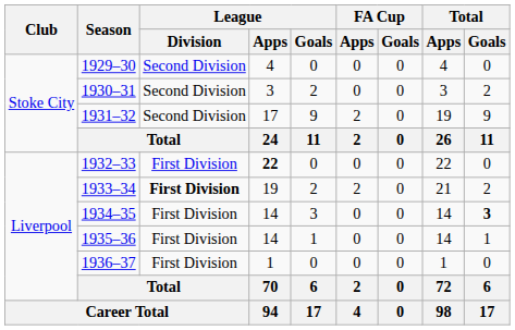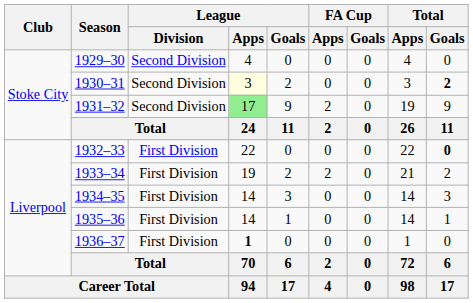 <table class="wikitable" style="text-align: center;">
 <tr>
 <th rowspan="2">Club</th>
 <th rowspan="2">Season</th>
 <th colspan="3">League</th>
 <th colspan="2">FA Cup</th>
 <th colspan="2">Total</th>
 </tr>
 <tr>
 <th>Division</th>
 <th>Apps</th>
 <th>Goals</th>
 <th>Apps</th>
 <th>Goals</th>
 <th>Apps</th>
 <th>Goals</th>
 </tr>
 <tr>
 <td rowspan="4"><a href='#'>Stoke City</a></td>
 <td><a href='#'>1929–30</a></td>
 <td><a href='#'>Second Division</a></td>
 <td>4</td>
 <td>0</td>
 <td>0</td>
 <td>0</td>
 <td>4</td>
 <td>0</td>
 </tr>
 <tr>
 <td><a href='#'>1930–31</a></td>
 <td>Second Division</td>
-<td>3</td>
+<td style="background: lightyellow;">3</td>
 <td>2</td>
 <td>0</td>
 <td>0</td>
 <td>3</td>
-<td>2</td>
+<td><strong>2</strong></td>
 </tr>
 <tr>
 <td><a href='#'>1931–32</a></td>
 <td>Second Division</td>
-<td>17</td>
+<td style="background: lightgreen;">17</td>
 <td>9</td>
 <td>2</td>
 <td>0</td>
 <td>19</td>
 <td>9</td>
 </tr>
 <tr>
 <th colspan=2>Total</th>
 <th>24</th>
 <th>11</th>
 <th>2</th>
 <th>0</th>
 <th>26</th>
 <th>11</th>
 </tr>
 <tr>
 <td rowspan="6"><a href='#'>Liverpool</a></td>
 <td><a href='#'>1932–33</a></td>
 <td><a href='#'>First Division</a></td>
-<td><strong>22</strong></td>
+<td>22</td>
 <td>0</td>
 <td>0</td>
 <td>0</td>
 <td>22</td>
-<td>0</td>
+<td><strong>0</strong></td>
 </tr>
 <tr>
 <td><a href='#'>1933–34</a></td>
-<td><strong>First Division</strong></td>
+<td>First Division</td>
 <td>19</td>
 <td>2</td>
 <td>2</td>
 <td>0</td>
 <td>21</td>
 <td>2</td>
 </tr>
 <tr>
 <td><a href='#'>1934–35</a></td>
 <td>First Division</td>
 <td>14</td>
 <td>3</td>
 <td>0</td>
 <td>0</td>
 <td>14</td>
-<td><strong>3</strong></td>
+<td>3</td>
 </tr>
 <tr>
 <td><a href='#'>1935–36</a></td>
 <td>First Division</td>
 <td>14</td>
 <td>1</td>
 <td>0</td>
 <td>0</td>
 <td>14</td>
 <td>1</td>
 </tr>
 <tr>
 <td><a href='#'>1936–37</a></td>
 <td>First Division</td>
-<td>1</td>
+<td><strong>1</strong></td>
 <td>0</td>
 <td>0</td>
 <td>0</td>
 <td>1</td>
 <td>0</td>
 </tr>
 <tr>
 <th colspan=2>Total</th>
 <th>70</th>
 <th>6</th>
 <th>2</th>
 <th>0</th>
 <th>72</th>
 <th>6</th>
 </tr>
 <tr>
 <th colspan="3">Career Total</th>
 <th>94</th>
 <th>17</th>
 <th>4</th>
 <th>0</th>
 <th>98</th>
 <th>17</th>
 </tr>
 </table>
